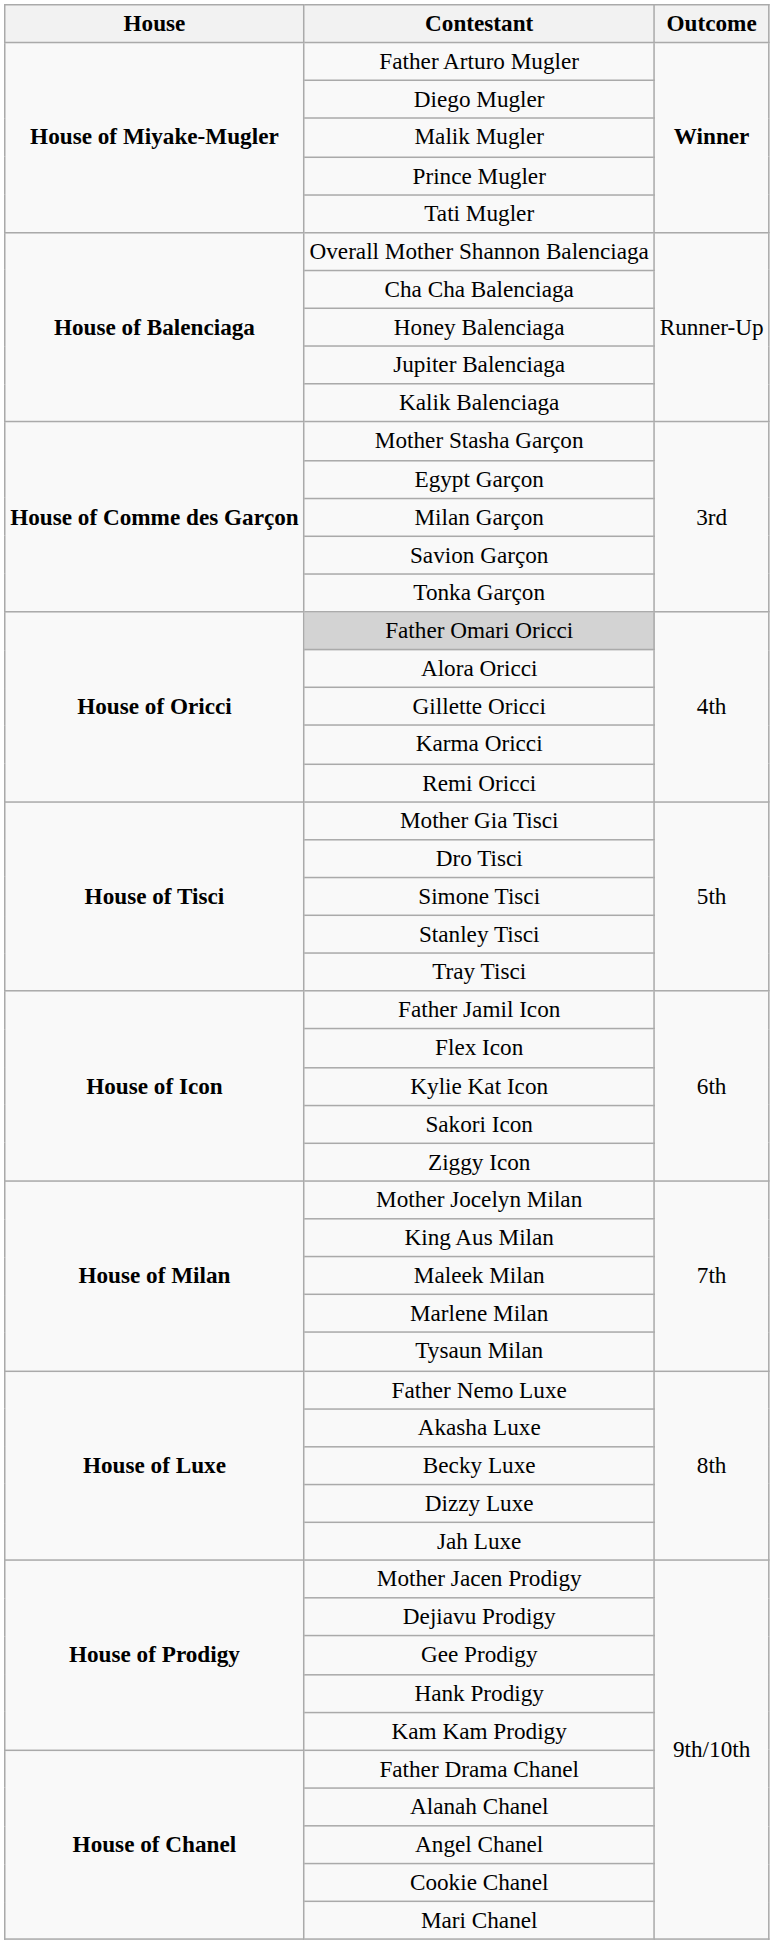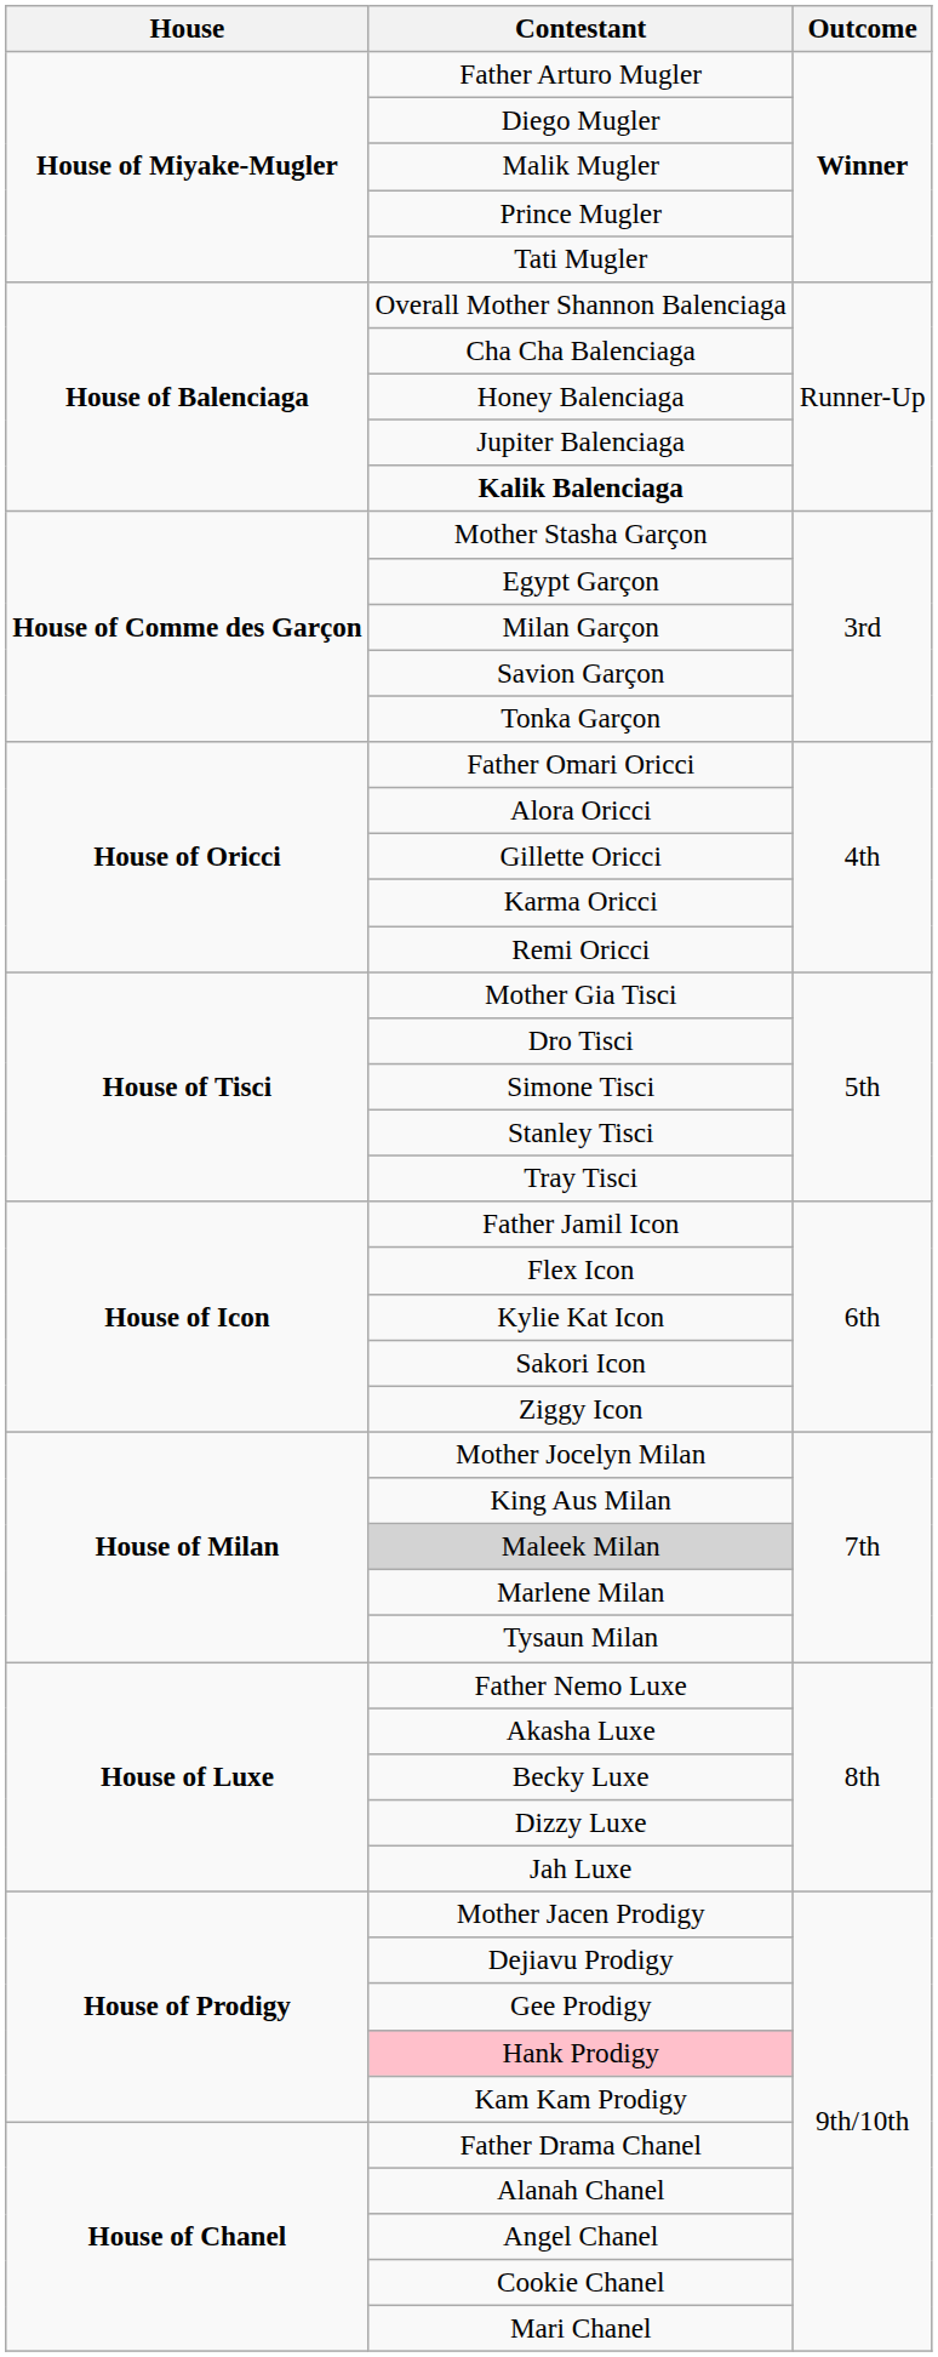 <table class="wikitable sortable" border="2" style="text-align: center; font-size: 96%;">
 <tr>
 <th>House</th>
 <th>Contestant</th>
 <th>Outcome</th>
 </tr>
 <tr>
 <td rowspan="5"><strong>House of Miyake-Mugler</strong></td>
 <td>Father Arturo Mugler</td>
 <td rowspan="5"><strong>Winner</strong></td>
 </tr>
 <tr>
 <td>Diego Mugler</td>
 </tr>
 <tr>
 <td>Malik Mugler</td>
 </tr>
 <tr>
 <td>Prince Mugler</td>
 </tr>
 <tr>
 <td>Tati Mugler</td>
 </tr>
 <tr>
 <td rowspan="5"><strong>House of Balenciaga</strong></td>
 <td>Overall Mother Shannon Balenciaga</td>
 <td rowspan="5">Runner-Up</td>
 </tr>
 <tr>
 <td>Cha Cha Balenciaga</td>
 </tr>
 <tr>
 <td>Honey Balenciaga</td>
 </tr>
 <tr>
 <td>Jupiter Balenciaga</td>
 </tr>
 <tr>
-<td>Kalik Balenciaga</td>
+<td><strong>Kalik Balenciaga</strong></td>
 </tr>
 <tr>
 <td rowspan="5"><strong>House of Comme des Garçon</strong></td>
 <td>Mother Stasha Garçon</td>
 <td rowspan="5">3rd</td>
 </tr>
 <tr>
 <td>Egypt Garçon</td>
 </tr>
 <tr>
 <td>Milan Garçon</td>
 </tr>
 <tr>
 <td>Savion Garçon</td>
 </tr>
 <tr>
 <td>Tonka Garçon</td>
 </tr>
 <tr>
 <td rowspan="5"><strong>House of Oricci</strong></td>
-<td style="background: lightgrey;">Father Omari Oricci</td>
+<td>Father Omari Oricci</td>
 <td rowspan="5">4th</td>
 </tr>
 <tr>
 <td>Alora Oricci</td>
 </tr>
 <tr>
 <td>Gillette Oricci</td>
 </tr>
 <tr>
 <td>Karma Oricci</td>
 </tr>
 <tr>
 <td>Remi Oricci</td>
 </tr>
 <tr>
 <td rowspan="5"><strong>House of Tisci</strong></td>
 <td>Mother Gia Tisci</td>
 <td rowspan="5">5th</td>
 </tr>
 <tr>
 <td>Dro Tisci</td>
 </tr>
 <tr>
 <td>Simone Tisci</td>
 </tr>
 <tr>
 <td>Stanley Tisci</td>
 </tr>
 <tr>
 <td>Tray Tisci</td>
 </tr>
 <tr>
 <td rowspan="5"><strong>House of Icon</strong></td>
 <td>Father Jamil Icon</td>
 <td rowspan="5">6th</td>
 </tr>
 <tr>
 <td>Flex Icon</td>
 </tr>
 <tr>
 <td>Kylie Kat Icon</td>
 </tr>
 <tr>
 <td>Sakori Icon</td>
 </tr>
 <tr>
 <td>Ziggy Icon</td>
 </tr>
 <tr>
 <td rowspan="5"><strong>House of Milan</strong></td>
 <td>Mother Jocelyn Milan</td>
 <td rowspan="5">7th</td>
 </tr>
 <tr>
 <td>King Aus Milan</td>
 </tr>
 <tr>
-<td>Maleek Milan</td>
+<td style="background: lightgrey;">Maleek Milan</td>
 </tr>
 <tr>
 <td>Marlene Milan</td>
 </tr>
 <tr>
 <td>Tysaun Milan</td>
 </tr>
 <tr>
 <td rowspan="5"><strong>House of Luxe</strong></td>
 <td>Father Nemo Luxe</td>
 <td rowspan="5">8th</td>
 </tr>
 <tr>
 <td>Akasha Luxe</td>
 </tr>
 <tr>
 <td>Becky Luxe</td>
 </tr>
 <tr>
 <td>Dizzy Luxe</td>
 </tr>
 <tr>
 <td>Jah Luxe</td>
 </tr>
 <tr>
 <td rowspan="5"><strong>House of Prodigy</strong></td>
 <td>Mother Jacen Prodigy</td>
 <td rowspan="10">9th/10th</td>
 </tr>
 <tr>
 <td>Dejiavu Prodigy</td>
 </tr>
 <tr>
 <td>Gee Prodigy</td>
 </tr>
 <tr>
-<td>Hank Prodigy</td>
+<td style="background: pink;">Hank Prodigy</td>
 </tr>
 <tr>
 <td>Kam Kam Prodigy</td>
 </tr>
 <tr>
 <td rowspan="5"><strong>House of Chanel</strong></td>
 <td>Father Drama Chanel</td>
 </tr>
 <tr>
 <td>Alanah Chanel</td>
 </tr>
 <tr>
 <td>Angel Chanel</td>
 </tr>
 <tr>
 <td>Cookie Chanel</td>
 </tr>
 <tr>
 <td>Mari Chanel</td>
 </tr>
 </table>
